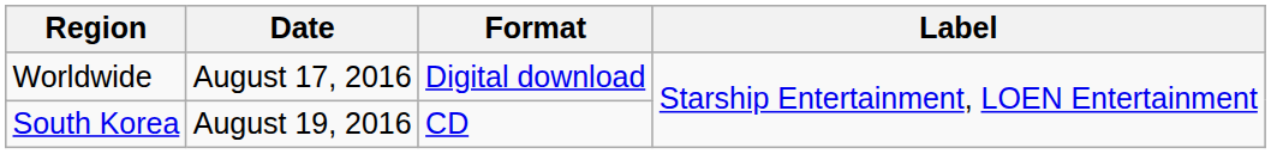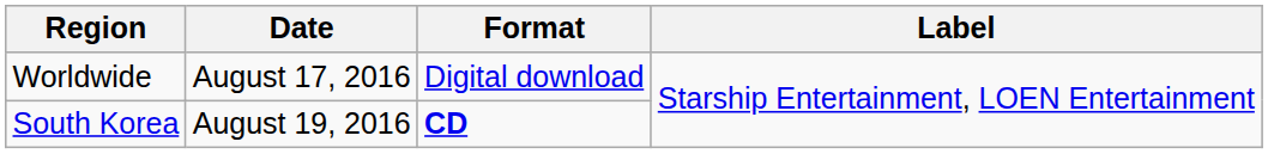 <table class="wikitable">
 <tr>
 <th>Region</th>
 <th>Date</th>
 <th>Format</th>
 <th>Label</th>
 </tr>
 <tr>
 <td>Worldwide</td>
 <td rowspan="2">August 17, 2016</td>
 <td rowspan="2"><a href='#'>Digital download</a></td>
 <td rowspan="3"><a href='#'>Starship Entertainment</a>, <a href='#'>LOEN Entertainment</a></td>
 </tr>
 <tr>
 <td rowspan="2"><a href='#'>South Korea</a></td>
 </tr>
 <tr>
 <td>August 19, 2016</td>
-<td><a href='#'>CD</a></td>
+<td><strong><a href='#'>CD</a></strong></td>
 </tr>
 </table>
